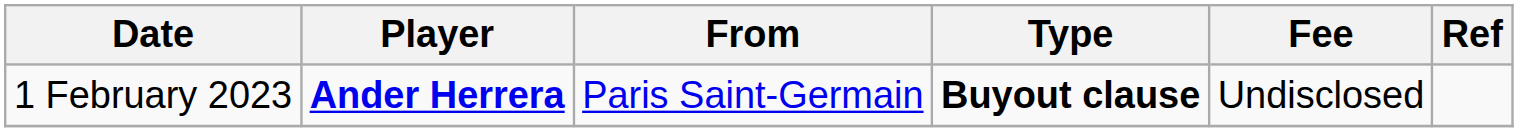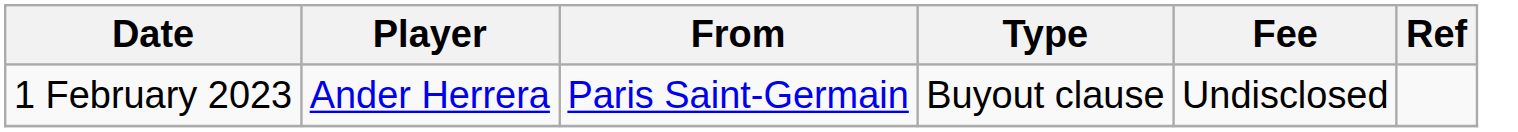 <table class="wikitable">
 <tr>
 <th>Date</th>
 <th>Player</th>
 <th>From</th>
 <th>Type</th>
 <th>Fee</th>
 <th>Ref</th>
 </tr>
 <tr>
 <td>1 February 2023</td>
-<td><strong> <a href='#'>Ander Herrera</a></strong></td>
+<td> <a href='#'>Ander Herrera</a></td>
 <td> <a href='#'>Paris Saint-Germain</a></td>
-<td align=center><strong>Buyout clause</strong></td>
+<td align=center>Buyout clause</td>
 <td align=center>Undisclosed</td>
 <td align=center></td>
 </tr>
 <tr>
 </tr>
 </table>
